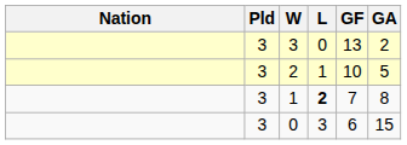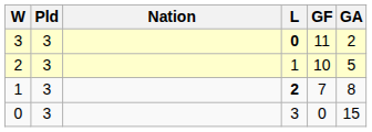 <table class=wikitable style="text-align:center">
 <tr>
+<th width=20>W</th>
+<th width=20>Pld</th>
 <th width=220>Nation</th>
-<th width=20>Pld</th>
-<th width=20>W</th>
 <th width=20>L</th>
 <th width=20>GF</th>
 <th width=20>GA</th>
 </tr>
 <tr bgcolor=#ffffcc>
-<td align=left></td>
 <td>3</td>
 <td>3</td>
-<td>0</td>
-<td>13</td>
+<td align=left></td>
+<td><strong>0</strong></td>
+<td>11</td>
 <td>2</td>
 </tr>
 <tr bgcolor=#ffffcc>
+<td>2</td>
+<td>3</td>
 <td align=left></td>
-<td>3</td>
-<td>2</td>
 <td>1</td>
 <td>10</td>
 <td>5</td>
 </tr>
 <tr>
+<td>1</td>
+<td>3</td>
 <td align=left></td>
-<td>3</td>
-<td>1</td>
 <td><strong>2</strong></td>
 <td>7</td>
 <td>8</td>
 </tr>
 <tr>
+<td>0</td>
+<td>3</td>
 <td align=left></td>
 <td>3</td>
 <td>0</td>
-<td>3</td>
-<td>6</td>
 <td>15</td>
 </tr>
 </table>
